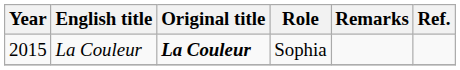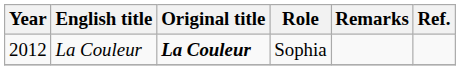 <table class="wikitable sortable">
 <tr>
 <th>Year</th>
 <th>English title</th>
 <th>Original title</th>
 <th>Role</th>
 <th>Remarks</th>
 <th>Ref.</th>
 </tr>
 <tr>
-<td>2015</td>
+<td>2012</td>
 <td><em>La Couleur</em></td>
 <td><strong><em>La Couleur</em></strong></td>
 <td>Sophia</td>
 <td></td>
 <td></td>
 </tr>
 <tr>
 </tr>
 </table>
